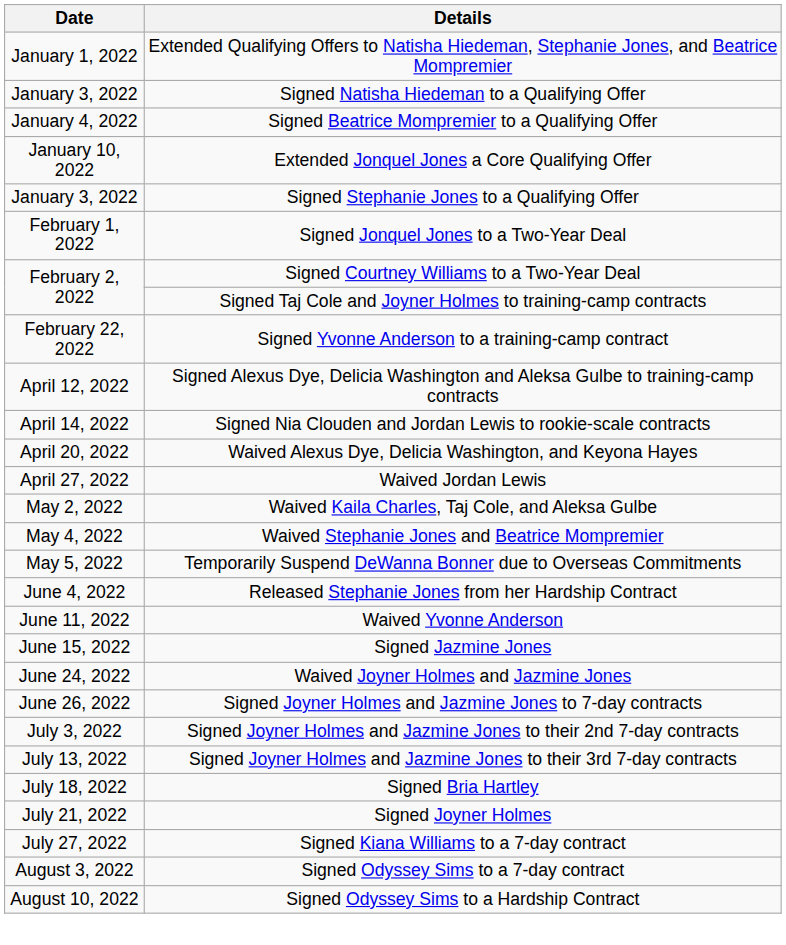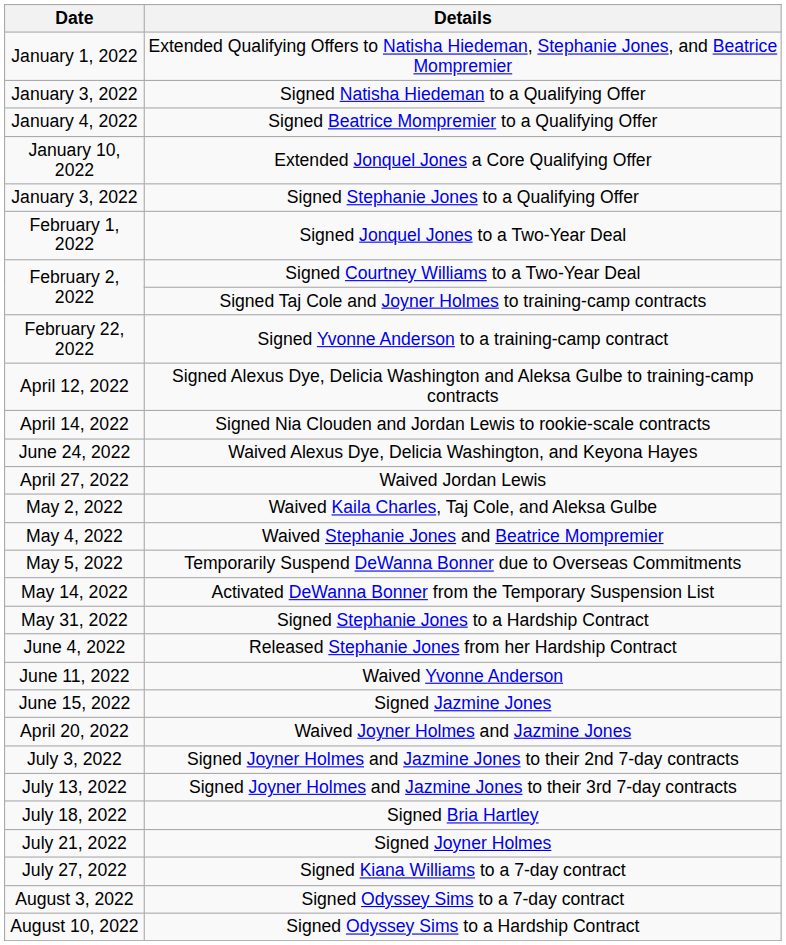 <table class="wikitable" style="width:80%; text-align:center">
 <tr>
 <th>Date</th>
 <th>Details</th>
 </tr>
 <tr>
 <td>January 1, 2022</td>
 <td>Extended Qualifying Offers to <a href='#'>Natisha Hiedeman</a>, <a href='#'>Stephanie Jones</a>, and <a href='#'>Beatrice Mompremier</a></td>
 </tr>
 <tr>
 <td>January 3, 2022</td>
 <td>Signed <a href='#'>Natisha Hiedeman</a> to a Qualifying Offer </td>
 </tr>
 <tr>
 <td>January 4, 2022</td>
 <td>Signed <a href='#'>Beatrice Mompremier</a> to a Qualifying Offer </td>
 </tr>
 <tr>
 <td>January 10, 2022</td>
 <td>Extended <a href='#'>Jonquel Jones</a> a Core Qualifying Offer </td>
 </tr>
 <tr>
 <td>January 3, 2022</td>
 <td>Signed <a href='#'>Stephanie Jones</a> to a Qualifying Offer </td>
 </tr>
 <tr>
 <td>February 1, 2022</td>
 <td>Signed <a href='#'>Jonquel Jones</a> to a Two-Year Deal </td>
 </tr>
 <tr>
 <td rowspan=2>February 2, 2022</td>
 <td>Signed <a href='#'>Courtney Williams</a> to a Two-Year Deal </td>
 </tr>
 <tr>
 <td>Signed Taj Cole and <a href='#'>Joyner Holmes</a> to training-camp contracts</td>
 </tr>
 <tr>
 <td>February 22, 2022</td>
 <td>Signed <a href='#'>Yvonne Anderson</a> to a training-camp contract</td>
 </tr>
 <tr>
 <td>April 12, 2022</td>
 <td>Signed Alexus Dye, Delicia Washington and Aleksa Gulbe to training-camp contracts</td>
 </tr>
 <tr>
 <td>April 14, 2022</td>
 <td>Signed Nia Clouden and Jordan Lewis to rookie-scale contracts</td>
 </tr>
 <tr>
-<td>April 20, 2022</td>
+<td>June 24, 2022</td>
 <td>Waived Alexus Dye, Delicia Washington, and Keyona Hayes</td>
 </tr>
 <tr>
 <td>April 27, 2022</td>
 <td>Waived Jordan Lewis</td>
 </tr>
 <tr>
 <td>May 2, 2022</td>
 <td>Waived <a href='#'>Kaila Charles</a>, Taj Cole, and Aleksa Gulbe</td>
 </tr>
 <tr>
 <td>May 4, 2022</td>
 <td>Waived <a href='#'>Stephanie Jones</a> and <a href='#'>Beatrice Mompremier</a></td>
 </tr>
 <tr>
 <td>May 5, 2022</td>
 <td>Temporarily Suspend <a href='#'>DeWanna Bonner</a> due to Overseas Commitments</td>
 </tr>
 <tr>
+<td>May 14, 2022</td>
+<td>Activated <a href='#'>DeWanna Bonner</a> from the Temporary Suspension List</td>
+</tr>
+<tr>
+<td>May 31, 2022</td>
+<td>Signed <a href='#'>Stephanie Jones</a> to a Hardship Contract </td>
+</tr>
+<tr>
 <td>June 4, 2022</td>
 <td>Released <a href='#'>Stephanie Jones</a> from her Hardship Contract</td>
 </tr>
 <tr>
 <td>June 11, 2022</td>
 <td>Waived <a href='#'>Yvonne Anderson</a></td>
 </tr>
 <tr>
 <td>June 15, 2022</td>
 <td>Signed <a href='#'>Jazmine Jones</a></td>
 </tr>
 <tr>
-<td>June 24, 2022</td>
+<td>April 20, 2022</td>
 <td>Waived <a href='#'>Joyner Holmes</a> and <a href='#'>Jazmine Jones</a></td>
-</tr>
-<tr>
-<td>June 26, 2022</td>
-<td>Signed <a href='#'>Joyner Holmes</a> and <a href='#'>Jazmine Jones</a> to 7-day contracts</td>
 </tr>
 <tr>
 <td>July 3, 2022</td>
 <td>Signed <a href='#'>Joyner Holmes</a> and <a href='#'>Jazmine Jones</a> to their 2nd 7-day contracts</td>
 </tr>
 <tr>
 <td>July 13, 2022</td>
 <td>Signed <a href='#'>Joyner Holmes</a> and <a href='#'>Jazmine Jones</a> to their 3rd 7-day contracts</td>
 </tr>
 <tr>
 <td>July 18, 2022</td>
 <td>Signed <a href='#'>Bria Hartley</a></td>
 </tr>
 <tr>
 <td>July 21, 2022</td>
 <td>Signed <a href='#'>Joyner Holmes</a></td>
 </tr>
 <tr>
 <td>July 27, 2022</td>
 <td>Signed <a href='#'>Kiana Williams</a> to a 7-day contract</td>
 </tr>
 <tr>
 <td>August 3, 2022</td>
 <td>Signed <a href='#'>Odyssey Sims</a> to a 7-day contract</td>
 </tr>
 <tr>
 <td>August 10, 2022</td>
 <td>Signed <a href='#'>Odyssey Sims</a> to a Hardship Contract</td>
 </tr>
 </table>
